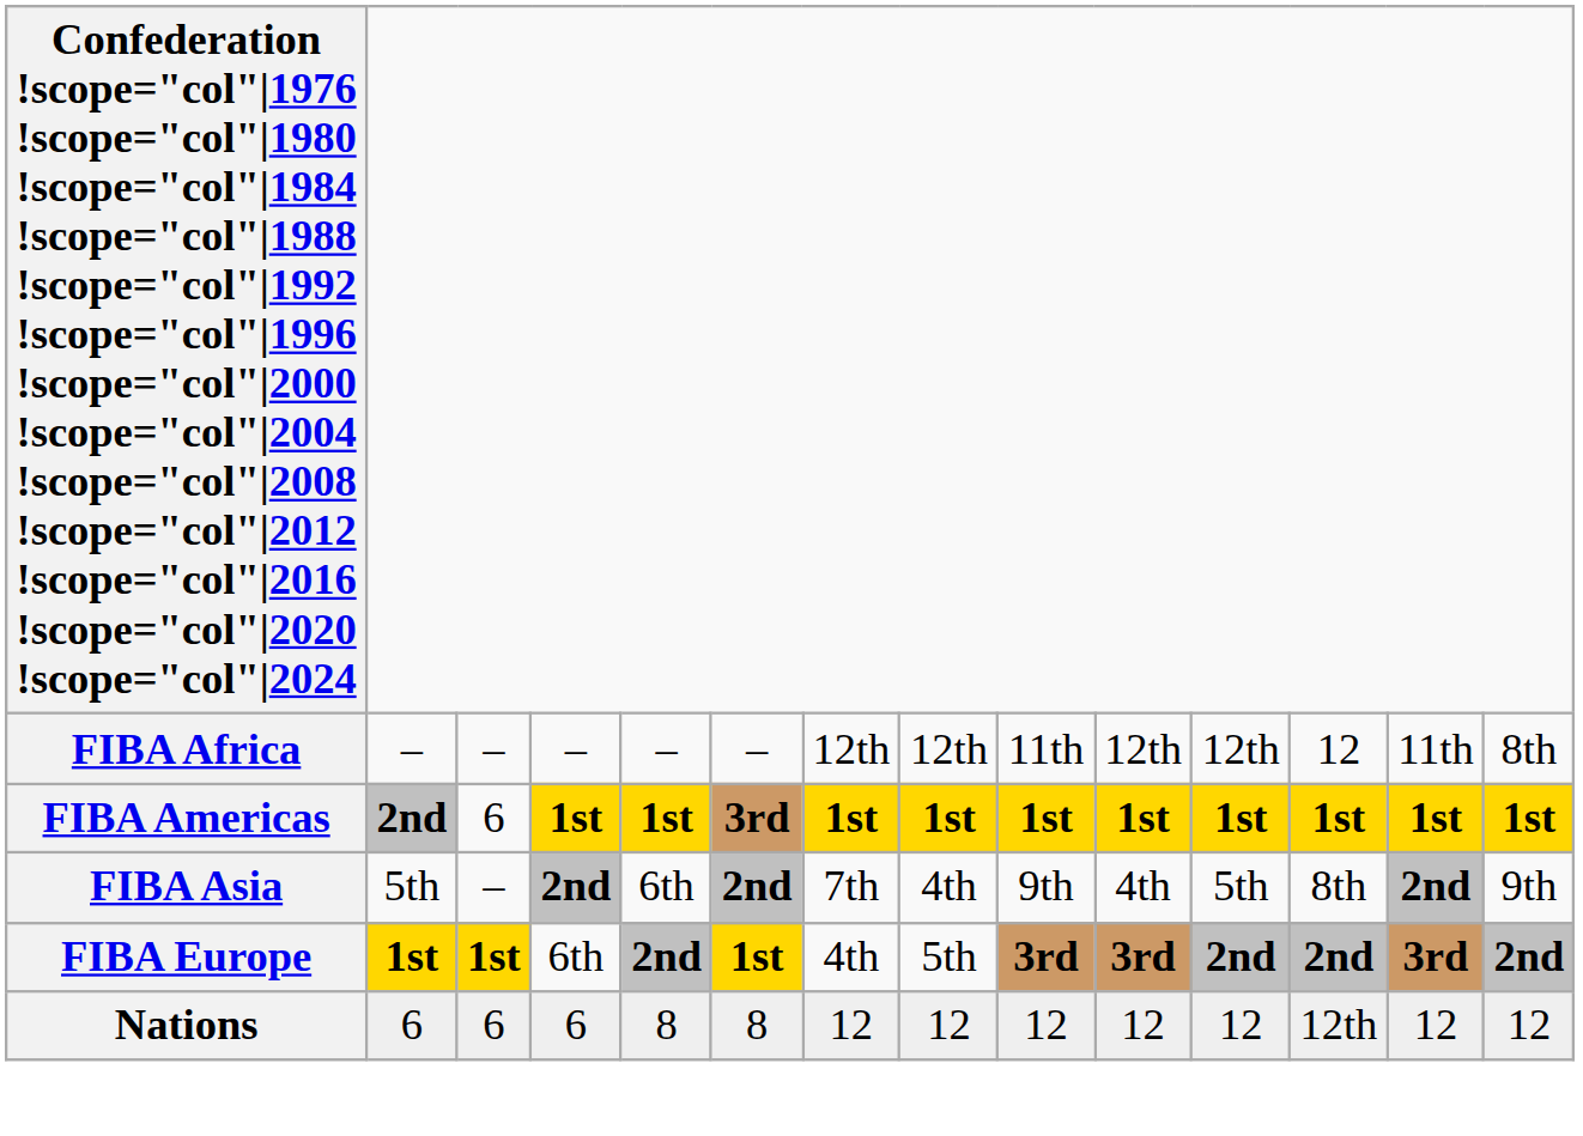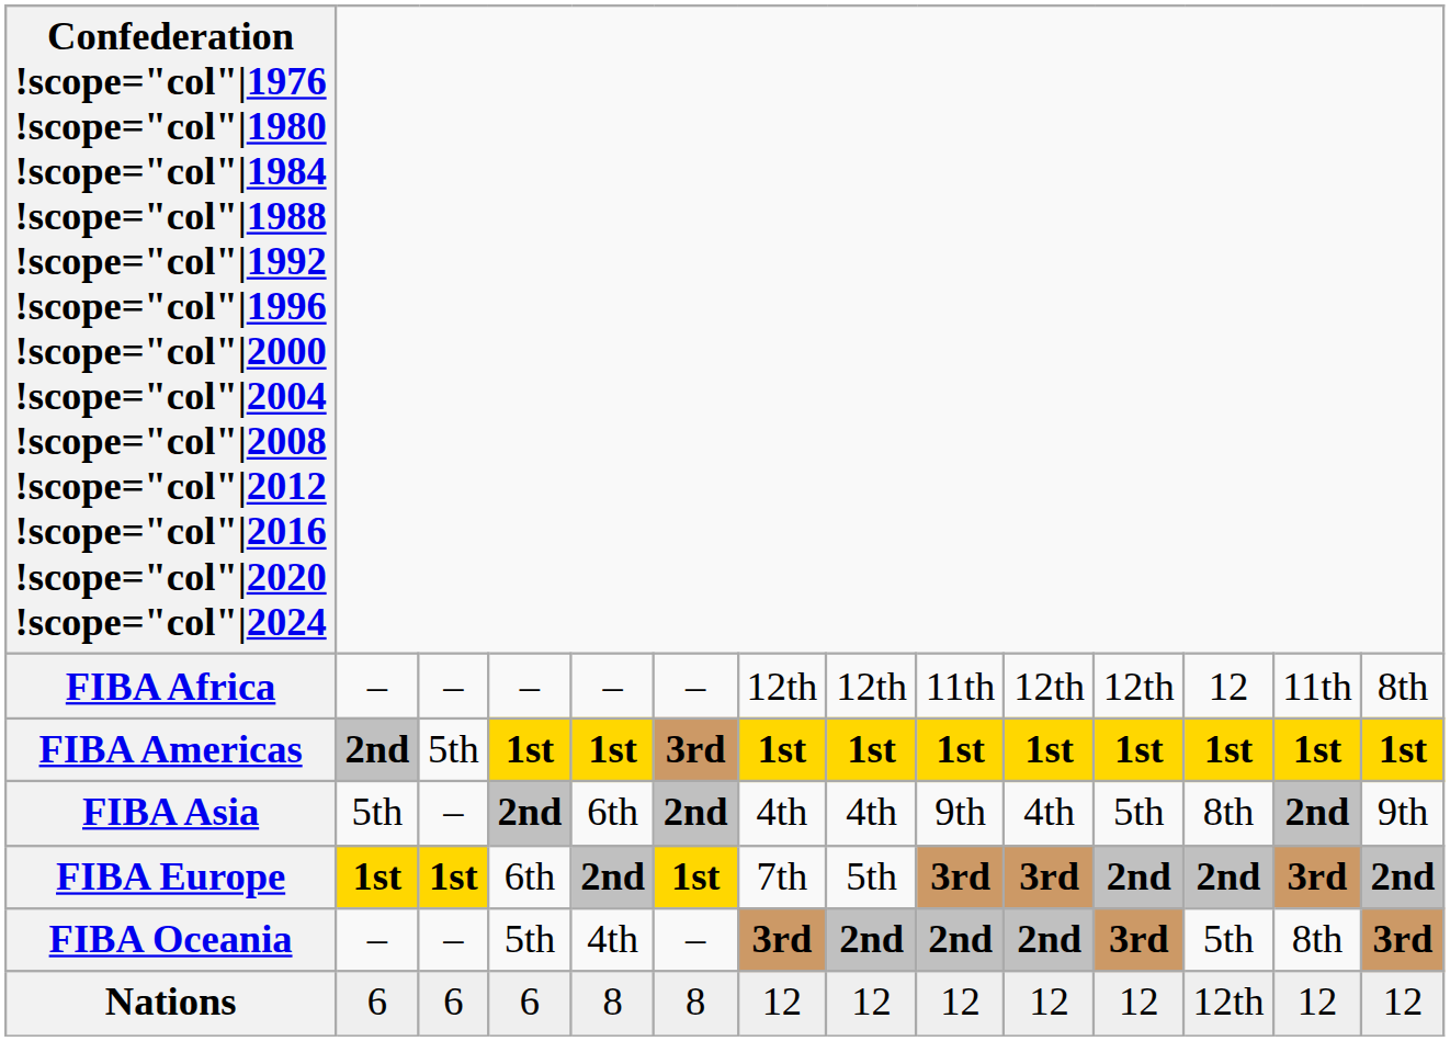 <table class="wikitable plainrowheaders sticky-header" style="text-align:center;">
 <tr style="background:#cccccc;">
 <th scope="col">Confederation<br> !scope="col"|<a href='#'>1976</a><br>  !scope="col"|<a href='#'>1980</a><br>  !scope="col"|<a href='#'>1984</a><br>  !scope="col"|<a href='#'>1988</a><br>  !scope="col"|<a href='#'>1992</a><br>  !scope="col"|<a href='#'>1996</a><br>  !scope="col"|<a href='#'>2000</a><br>  !scope="col"|<a href='#'>2004</a><br>  !scope="col"|<a href='#'>2008</a><br>  !scope="col"|<a href='#'>2012</a><br>  !scope="col"|<a href='#'>2016</a><br>  !scope="col"|<a href='#'>2020</a><br>  !scope="col"|<a href='#'>2024</a><br></th>
 </tr>
 <tr>
 <th scope="row"><a href='#'>FIBA Africa</a></th>
 <td>–</td>
 <td>–</td>
 <td>–</td>
 <td>–</td>
 <td>–</td>
 <td>12th</td>
 <td>12th</td>
 <td>11th</td>
 <td>12th</td>
 <td>12th</td>
 <td>12</td>
 <td>11th</td>
 <td>8th</td>
 </tr>
 <tr>
 <th scope="row"><a href='#'>FIBA Americas</a></th>
 <td bgcolor=silver><strong>2nd</strong></td>
-<td>6</td>
+<td>5th</td>
 <td bgcolor=gold><strong>1st</strong></td>
 <td bgcolor=gold><strong>1st</strong></td>
 <td bgcolor=cc9966><strong>3rd</strong></td>
 <td bgcolor=gold><strong>1st</strong></td>
 <td bgcolor=gold><strong>1st</strong></td>
 <td bgcolor=gold><strong>1st</strong></td>
 <td bgcolor=gold><strong>1st</strong></td>
 <td bgcolor=gold><strong>1st</strong></td>
 <td bgcolor=gold><strong>1st</strong></td>
 <td bgcolor=gold><strong>1st</strong></td>
 <td bgcolor=gold><strong>1st</strong></td>
 </tr>
 <tr>
 <th scope="row"><a href='#'>FIBA Asia</a></th>
 <td>5th</td>
 <td>–</td>
 <td bgcolor=silver><strong>2nd</strong></td>
 <td>6th</td>
 <td bgcolor=silver><strong>2nd</strong></td>
-<td>7th</td>
+<td>4th</td>
 <td>4th</td>
 <td>9th</td>
 <td>4th</td>
 <td>5th</td>
 <td>8th</td>
 <td bgcolor=silver><strong>2nd</strong></td>
 <td>9th</td>
 </tr>
 <tr>
 <th scope="row"><a href='#'>FIBA Europe</a></th>
 <td bgcolor=gold><strong>1st</strong></td>
 <td bgcolor=gold><strong>1st</strong></td>
 <td>6th</td>
 <td bgcolor=silver><strong>2nd</strong></td>
 <td bgcolor=gold><strong>1st</strong></td>
-<td>4th</td>
+<td>7th</td>
 <td>5th</td>
 <td bgcolor=cc9966><strong>3rd</strong></td>
 <td bgcolor=cc9966><strong>3rd</strong></td>
 <td bgcolor=silver><strong>2nd</strong></td>
 <td bgcolor=silver><strong>2nd</strong></td>
 <td bgcolor=cc9966><strong>3rd</strong></td>
 <td bgcolor=silver><strong>2nd</strong></td>
+</tr>
+<tr>
+<th scope="row"><a href='#'>FIBA Oceania</a></th>
+<td>–</td>
+<td>–</td>
+<td>5th</td>
+<td>4th</td>
+<td>–</td>
+<td bgcolor=cc9966><strong>3rd</strong></td>
+<td bgcolor=silver><strong>2nd</strong></td>
+<td bgcolor=silver><strong>2nd</strong></td>
+<td bgcolor=silver><strong>2nd</strong></td>
+<td bgcolor=cc9966><strong>3rd</strong></td>
+<td>5th</td>
+<td>8th</td>
+<td bgcolor=cc9966><strong>3rd</strong></td>
 </tr>
 <tr bgcolor="#EFEFEF">
 <th scope="row">Nations</th>
 <td>6</td>
 <td>6</td>
 <td>6</td>
 <td>8</td>
 <td>8</td>
 <td>12</td>
 <td>12</td>
 <td>12</td>
 <td>12</td>
 <td>12</td>
 <td>12th</td>
 <td>12</td>
 <td>12</td>
 </tr>
 </table>
